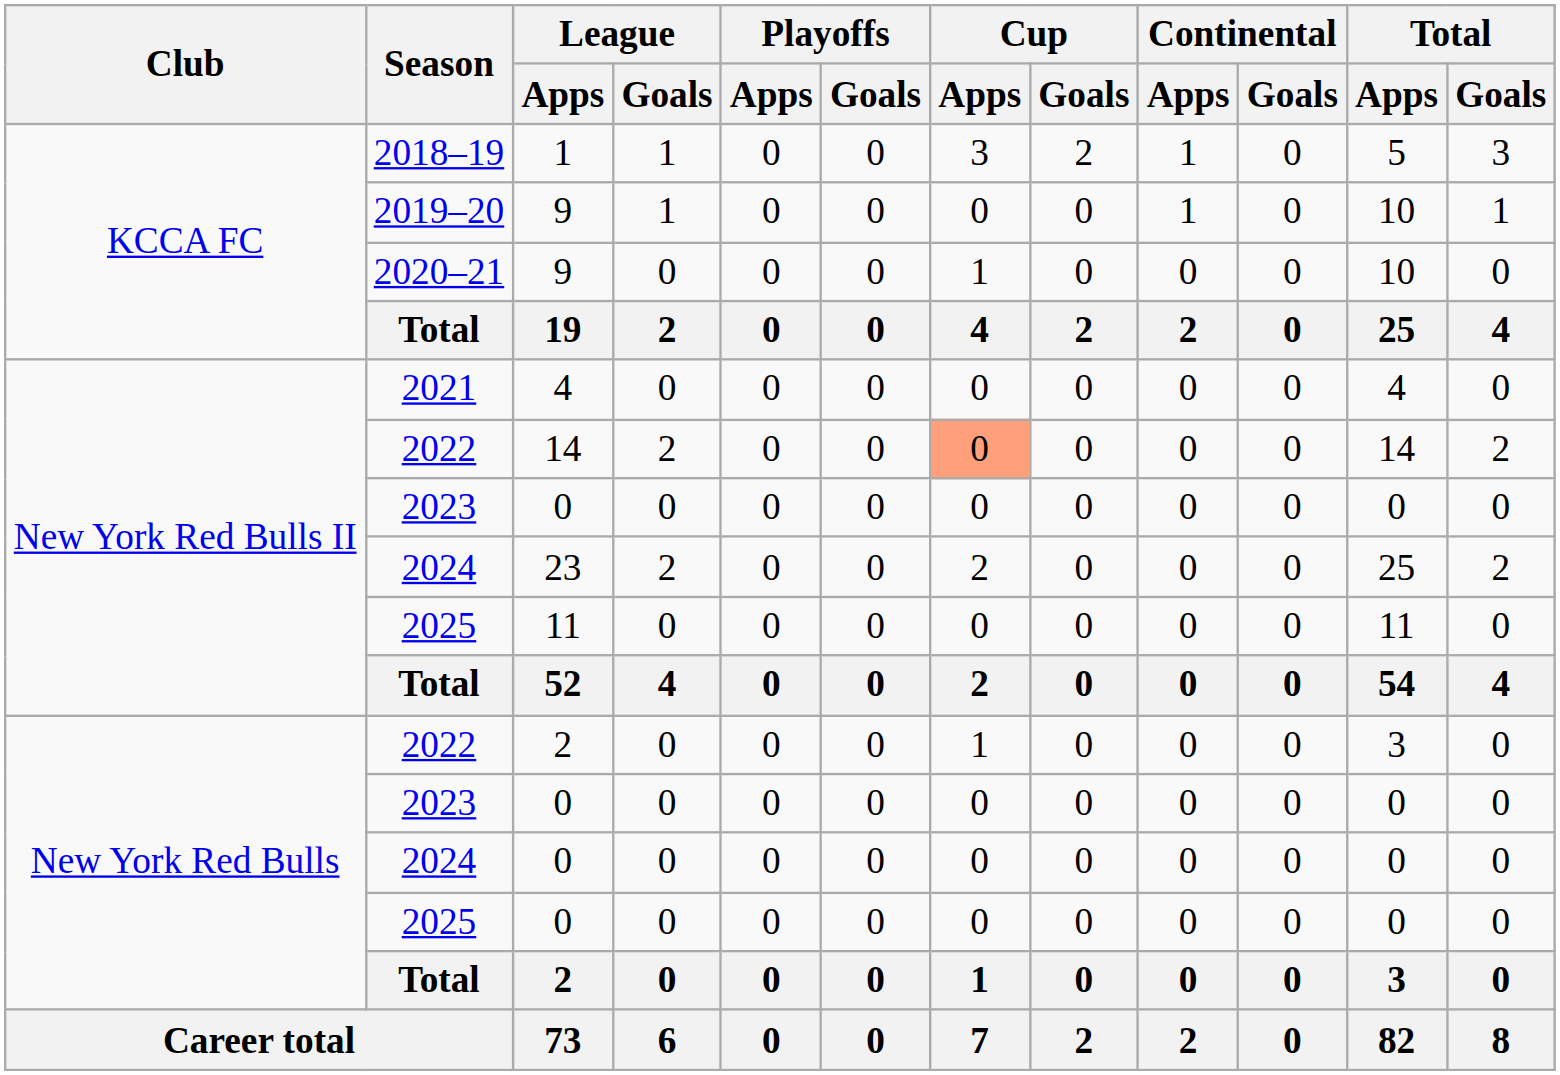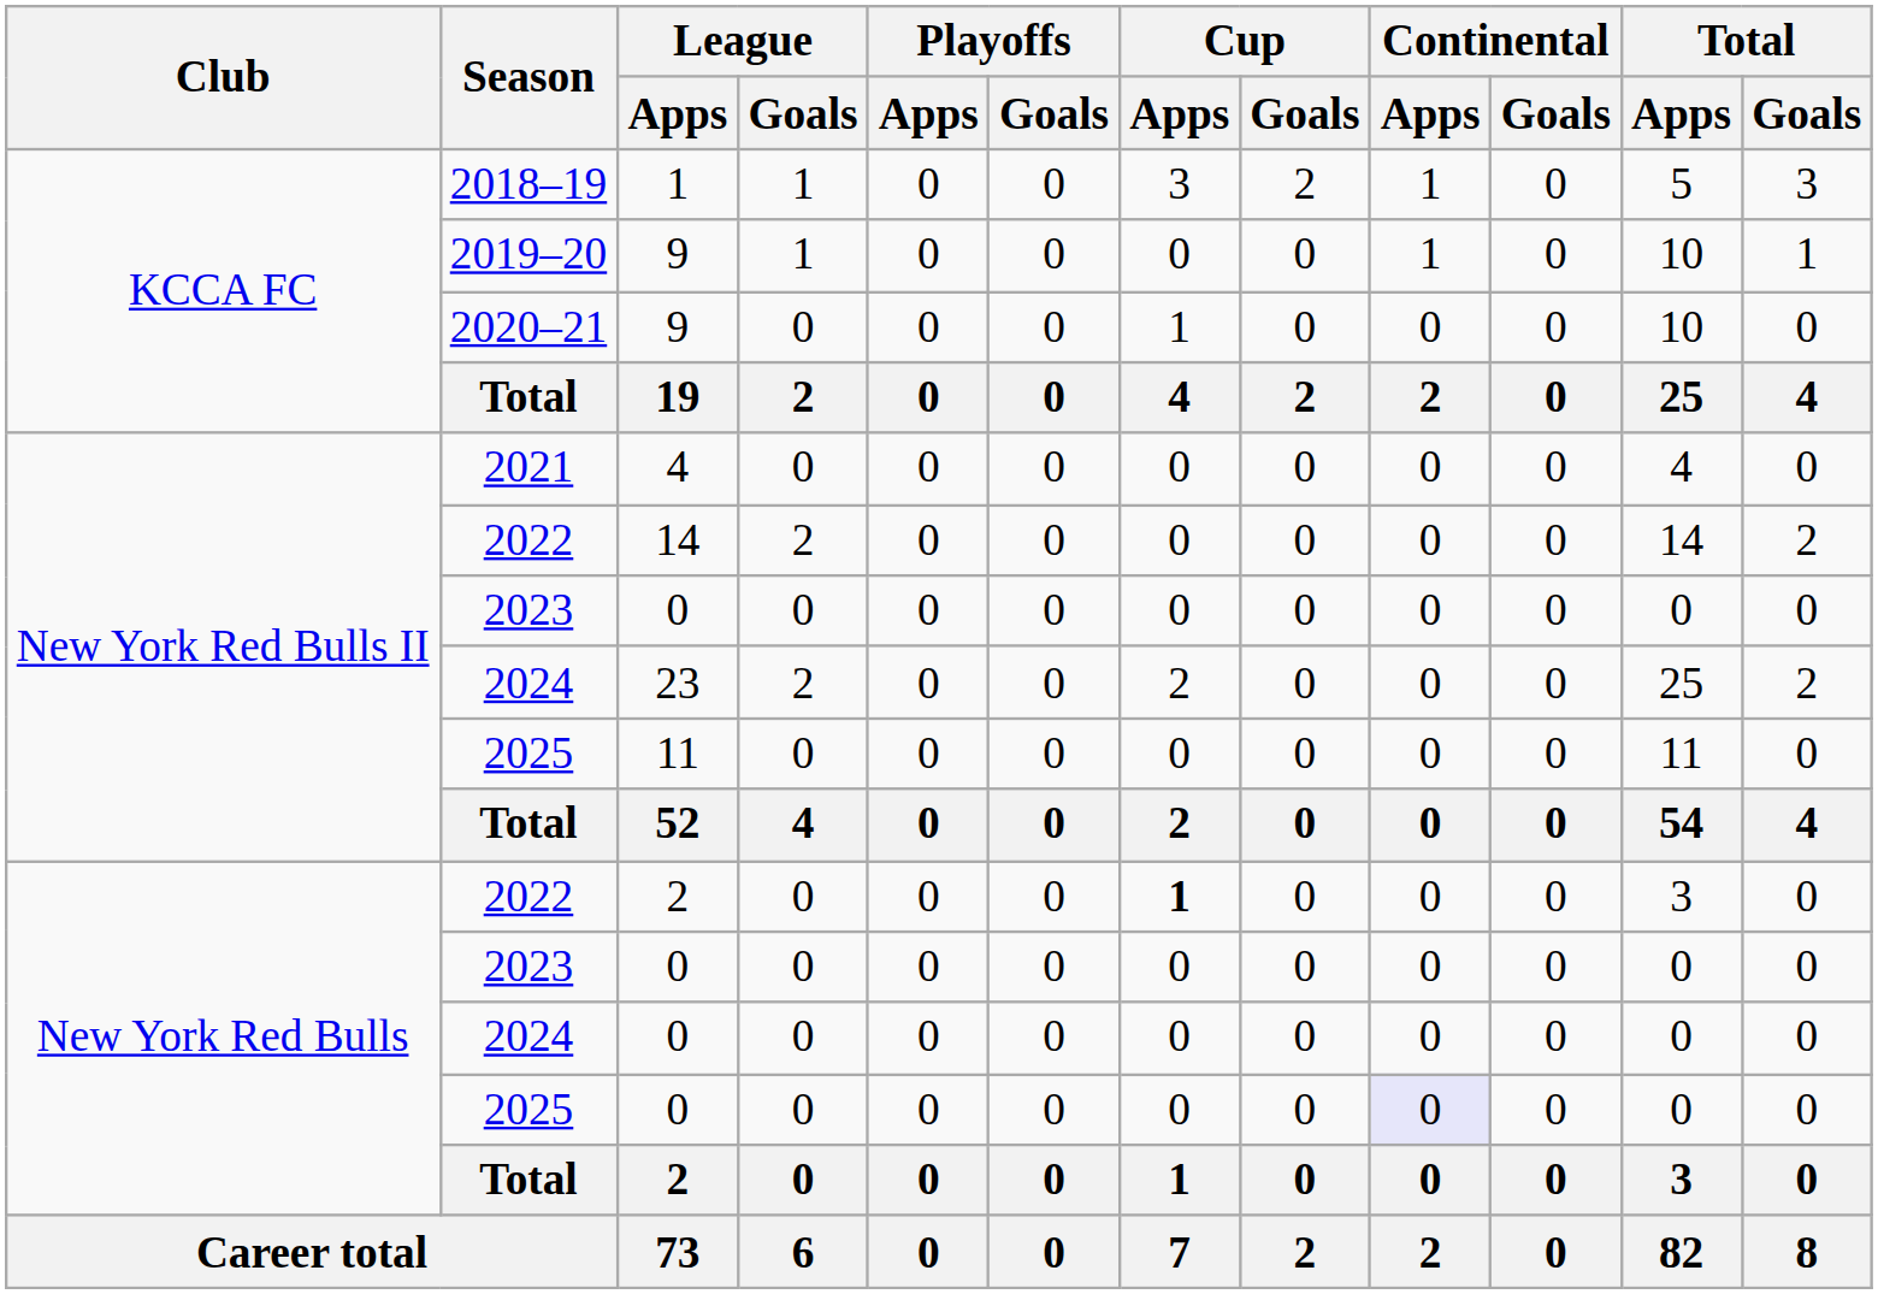 <table class="wikitable" style="text-align: center;">
 <tr>
 <th rowspan="2">Club</th>
 <th rowspan="2">Season</th>
 <th colspan="2">League</th>
 <th colspan="2">Playoffs</th>
 <th colspan="2">Cup</th>
 <th colspan="2">Continental</th>
 <th colspan="2">Total</th>
 </tr>
 <tr>
 <th>Apps</th>
 <th>Goals</th>
 <th>Apps</th>
 <th>Goals</th>
 <th>Apps</th>
 <th>Goals</th>
 <th>Apps</th>
 <th>Goals</th>
 <th>Apps</th>
 <th>Goals</th>
 </tr>
 <tr>
 <td rowspan="4"><a href='#'>KCCA FC</a></td>
 <td><a href='#'>2018–19</a></td>
 <td>1</td>
 <td>1</td>
 <td>0</td>
 <td>0</td>
 <td>3</td>
 <td>2</td>
 <td>1</td>
 <td>0</td>
 <td>5</td>
 <td>3</td>
 </tr>
 <tr>
 <td><a href='#'>2019–20</a></td>
 <td>9</td>
 <td>1</td>
 <td>0</td>
 <td>0</td>
 <td>0</td>
 <td>0</td>
 <td>1</td>
 <td>0</td>
 <td>10</td>
 <td>1</td>
 </tr>
 <tr>
 <td><a href='#'>2020–21</a></td>
 <td>9</td>
 <td>0</td>
 <td>0</td>
 <td>0</td>
 <td>1</td>
 <td>0</td>
 <td>0</td>
 <td>0</td>
 <td>10</td>
 <td>0</td>
 </tr>
 <tr>
 <th colspan="1">Total</th>
 <th>19</th>
 <th>2</th>
 <th>0</th>
 <th>0</th>
 <th>4</th>
 <th>2</th>
 <th>2</th>
 <th>0</th>
 <th>25</th>
 <th>4</th>
 </tr>
 <tr>
 <td rowspan="6"><a href='#'>New York Red Bulls II</a></td>
 <td><a href='#'>2021</a></td>
 <td>4</td>
 <td>0</td>
 <td>0</td>
 <td>0</td>
 <td>0</td>
 <td>0</td>
 <td>0</td>
 <td>0</td>
 <td>4</td>
 <td>0</td>
 </tr>
 <tr>
 <td><a href='#'>2022</a></td>
 <td>14</td>
 <td>2</td>
 <td>0</td>
 <td>0</td>
-<td style="background: lightsalmon;">0</td>
+<td>0</td>
 <td>0</td>
 <td>0</td>
 <td>0</td>
 <td>14</td>
 <td>2</td>
 </tr>
 <tr>
 <td><a href='#'>2023</a></td>
 <td>0</td>
 <td>0</td>
 <td>0</td>
 <td>0</td>
 <td>0</td>
 <td>0</td>
 <td>0</td>
 <td>0</td>
 <td>0</td>
 <td>0</td>
 </tr>
 <tr>
 <td><a href='#'>2024</a></td>
 <td>23</td>
 <td>2</td>
 <td>0</td>
 <td>0</td>
 <td>2</td>
 <td>0</td>
 <td>0</td>
 <td>0</td>
 <td>25</td>
 <td>2</td>
 </tr>
 <tr>
 <td><a href='#'>2025</a></td>
 <td>11</td>
 <td>0</td>
 <td>0</td>
 <td>0</td>
 <td>0</td>
 <td>0</td>
 <td>0</td>
 <td>0</td>
 <td>11</td>
 <td>0</td>
 </tr>
 <tr>
 <th colspan="1">Total</th>
 <th>52</th>
 <th>4</th>
 <th>0</th>
 <th>0</th>
 <th>2</th>
 <th>0</th>
 <th>0</th>
 <th>0</th>
 <th>54</th>
 <th>4</th>
 </tr>
 <tr>
 <td rowspan="5"><a href='#'>New York Red Bulls</a></td>
 <td><a href='#'>2022</a></td>
 <td>2</td>
 <td>0</td>
 <td>0</td>
 <td>0</td>
-<td>1</td>
+<td><strong>1</strong></td>
 <td>0</td>
 <td>0</td>
 <td>0</td>
 <td>3</td>
 <td>0</td>
 </tr>
 <tr>
 <td><a href='#'>2023</a></td>
 <td>0</td>
 <td>0</td>
 <td>0</td>
 <td>0</td>
 <td>0</td>
 <td>0</td>
 <td>0</td>
 <td>0</td>
 <td>0</td>
 <td>0</td>
 </tr>
 <tr>
 <td><a href='#'>2024</a></td>
 <td>0</td>
 <td>0</td>
 <td>0</td>
 <td>0</td>
 <td>0</td>
 <td>0</td>
 <td>0</td>
 <td>0</td>
 <td>0</td>
 <td>0</td>
 </tr>
 <tr>
 <td><a href='#'>2025</a></td>
 <td>0</td>
 <td>0</td>
 <td>0</td>
 <td>0</td>
 <td>0</td>
 <td>0</td>
-<td>0</td>
+<td style="background: lavender;">0</td>
 <td>0</td>
 <td>0</td>
 <td>0</td>
 </tr>
 <tr>
 <th colspan="1">Total</th>
 <th>2</th>
 <th>0</th>
 <th>0</th>
 <th>0</th>
 <th>1</th>
 <th>0</th>
 <th>0</th>
 <th>0</th>
 <th>3</th>
 <th>0</th>
 </tr>
 <tr>
 <th colspan="2">Career total</th>
 <th>73</th>
 <th>6</th>
 <th>0</th>
 <th>0</th>
 <th>7</th>
 <th>2</th>
 <th>2</th>
 <th>0</th>
 <th>82</th>
 <th>8</th>
 </tr>
 </table>
